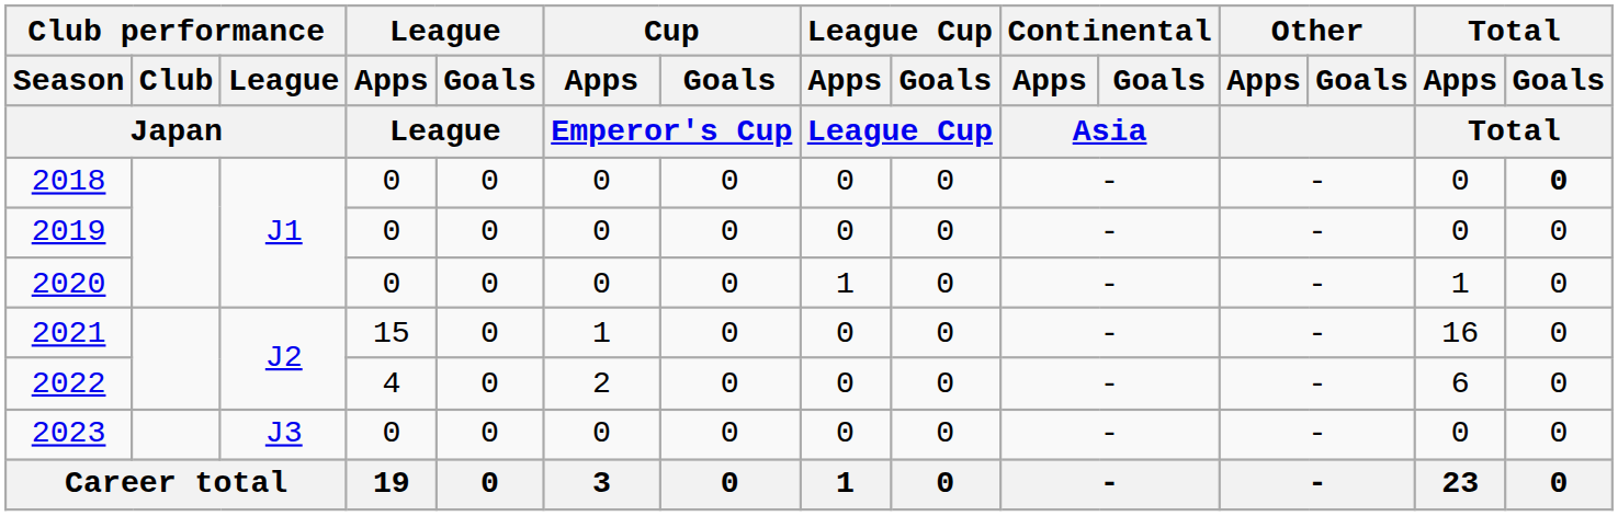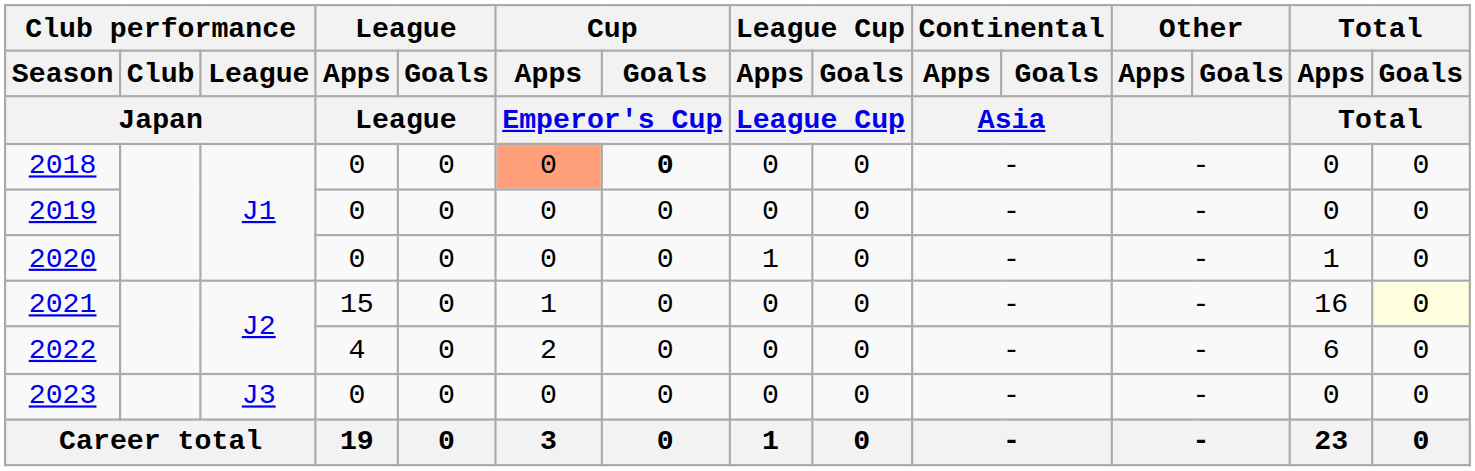 <table class="wikitable" style="text-align:center">
 <tr>
 <th colspan=3>Club performance</th>
 <th colspan=2>League</th>
 <th colspan=2>Cup</th>
 <th colspan=2>League Cup</th>
 <th colspan=2>Continental</th>
 <th colspan=2>Other</th>
 <th colspan=2>Total</th>
 </tr>
 <tr>
 <th>Season</th>
 <th>Club</th>
 <th>League</th>
 <th>Apps</th>
 <th>Goals</th>
 <th>Apps</th>
 <th>Goals</th>
 <th>Apps</th>
 <th>Goals</th>
 <th>Apps</th>
 <th>Goals</th>
 <th>Apps</th>
 <th>Goals</th>
 <th>Apps</th>
 <th>Goals</th>
 </tr>
 <tr>
 <th colspan=3>Japan</th>
 <th colspan=2>League</th>
 <th colspan=2><a href='#'>Emperor's Cup</a></th>
 <th colspan=2><a href='#'>League Cup</a></th>
 <th colspan=2><a href='#'>Asia</a></th>
 <th colspan=2></th>
 <th colspan=2>Total</th>
 </tr>
 <tr>
 <td><a href='#'>2018</a></td>
 <td rowspan="3"></td>
 <td rowspan="3"><a href='#'>J1</a></td>
 <td>0</td>
 <td>0</td>
-<td>0</td>
-<td>0</td>
+<td style="background: lightsalmon;">0</td>
+<td><strong>0</strong></td>
 <td>0</td>
 <td>0</td>
 <td colspan="2">-</td>
 <td colspan="2">-</td>
 <td>0</td>
-<td><strong>0</strong></td>
+<td>0</td>
 </tr>
 <tr>
 <td><a href='#'>2019</a></td>
 <td>0</td>
 <td>0</td>
 <td>0</td>
 <td>0</td>
 <td>0</td>
 <td>0</td>
 <td colspan="2">-</td>
 <td colspan="2">-</td>
 <td>0</td>
 <td>0</td>
 </tr>
 <tr>
 <td><a href='#'>2020</a></td>
 <td>0</td>
 <td>0</td>
 <td>0</td>
 <td>0</td>
 <td>1</td>
 <td>0</td>
 <td colspan="2">-</td>
 <td colspan="2">-</td>
 <td>1</td>
 <td>0</td>
 </tr>
 <tr>
 <td><a href='#'>2021</a></td>
 <td rowspan="2"></td>
 <td rowspan="2"><a href='#'>J2</a></td>
 <td>15</td>
 <td>0</td>
 <td>1</td>
 <td>0</td>
 <td>0</td>
 <td>0</td>
 <td colspan="2">-</td>
 <td colspan="2">-</td>
 <td>16</td>
-<td>0</td>
+<td style="background: lightyellow;">0</td>
 </tr>
 <tr>
 <td><a href='#'>2022</a></td>
 <td>4</td>
 <td>0</td>
 <td>2</td>
 <td>0</td>
 <td>0</td>
 <td>0</td>
 <td colspan="2">-</td>
 <td colspan="2">-</td>
 <td>6</td>
 <td>0</td>
 </tr>
 <tr>
 <td><a href='#'>2023</a></td>
 <td></td>
 <td><a href='#'>J3</a></td>
 <td>0</td>
 <td>0</td>
 <td>0</td>
 <td>0</td>
 <td>0</td>
 <td>0</td>
 <td colspan="2">-</td>
 <td colspan="2">-</td>
 <td>0</td>
 <td>0</td>
 </tr>
 <tr>
 <th colspan=3>Career total</th>
 <th>19</th>
 <th>0</th>
 <th>3</th>
 <th>0</th>
 <th>1</th>
 <th>0</th>
 <th colspan="2">-</th>
 <th colspan="2">-</th>
 <th>23</th>
 <th>0</th>
 </tr>
 </table>
